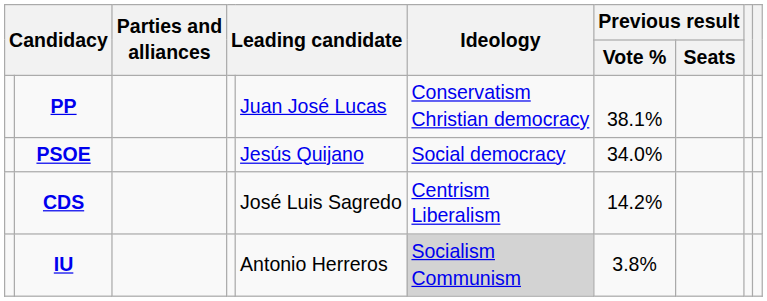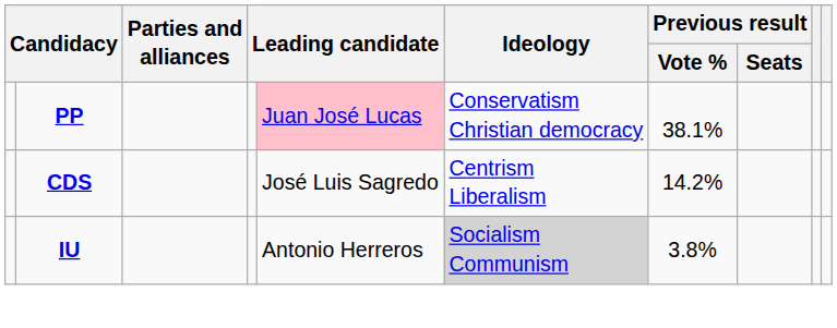 <table class="wikitable" style="line-height:1.35em; text-align:left;">
 <tr>
 <th colspan="2" rowspan="2">Candidacy</th>
 <th rowspan="2">Parties and<br>alliances</th>
 <th colspan="2" rowspan="2">Leading candidate</th>
 <th rowspan="2">Ideology</th>
 <th colspan="2">Previous result</th>
 <th rowspan="2"></th>
 <th rowspan="2"></th>
 </tr>
 <tr>
 <th>Vote %</th>
 <th>Seats</th>
 </tr>
 <tr>
 <td width="1" style="color:inherit;background:"></td>
 <td align="center"><strong><a href='#'>PP</a></strong></td>
 <td></td>
 <td></td>
-<td><a href='#'>Juan José Lucas</a></td>
+<td style="background: pink;"><a href='#'>Juan José Lucas</a></td>
 <td><a href='#'>Conservatism</a><br><a href='#'>Christian democracy</a></td>
 <td align="center"><br>38.1%<br></td>
 <td></td>
 <td></td>
 <td><br></td>
-</tr>
-<tr>
-<td style="color:inherit;background:"></td>
-<td align="center"><strong><a href='#'>PSOE</a></strong></td>
-<td></td>
-<td></td>
-<td><a href='#'>Jesús Quijano</a></td>
-<td><a href='#'>Social democracy</a></td>
-<td align="center">34.0%</td>
-<td></td>
-<td></td>
-<td></td>
 </tr>
 <tr>
 <td style="color:inherit;background:"></td>
 <td align="center"><strong><a href='#'>CDS</a></strong></td>
 <td></td>
 <td></td>
 <td>José Luis Sagredo</td>
 <td><a href='#'>Centrism</a><br><a href='#'>Liberalism</a></td>
 <td align="center">14.2%</td>
 <td></td>
 <td></td>
 <td></td>
 </tr>
 <tr>
 <td style="color:inherit;background:"></td>
 <td align="center"><strong><a href='#'>IU</a></strong></td>
 <td></td>
 <td></td>
 <td>Antonio Herreros</td>
 <td style="background: lightgrey;"><a href='#'>Socialism</a><br><a href='#'>Communism</a></td>
 <td align="center">3.8%</td>
 <td></td>
 <td></td>
 <td></td>
 </tr>
 </table>
